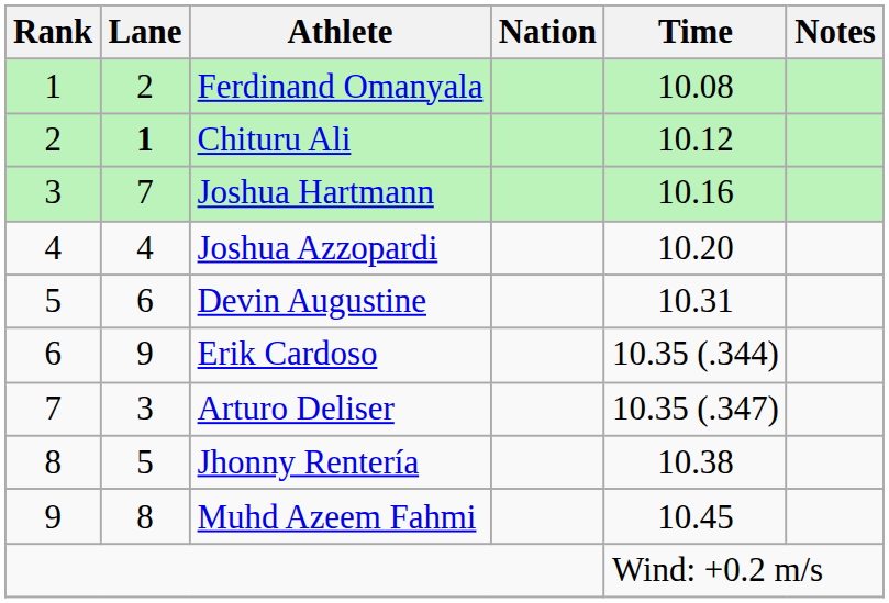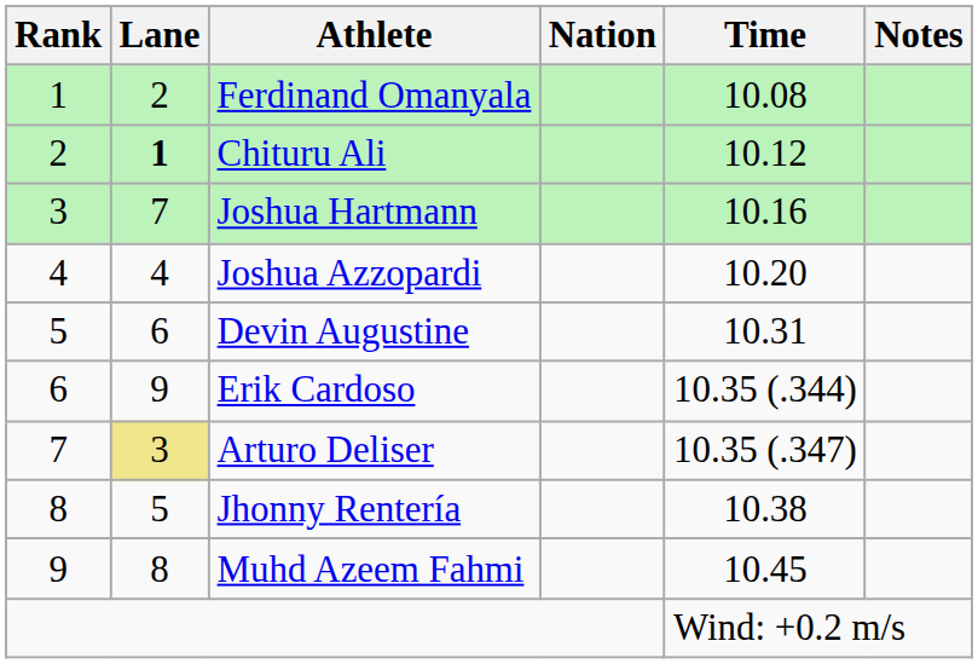 <table class="wikitable sortable" style="text-align:center;">
 <tr>
 <th scope="col">Rank</th>
 <th scope="col">Lane</th>
 <th scope="col">Athlete</th>
 <th scope="col">Nation</th>
 <th scope="col">Time</th>
 <th scope="col">Notes</th>
 </tr>
 <tr bgcolor="#bbf3bb">
 <td>1</td>
 <td>2</td>
 <td align=left><a href='#'>Ferdinand Omanyala</a></td>
 <td align=left></td>
 <td>10.08</td>
 <td></td>
 </tr>
 <tr bgcolor="#bbf3bb">
 <td>2</td>
 <td><strong>1</strong></td>
 <td align=left><a href='#'>Chituru Ali</a></td>
 <td align=left></td>
 <td>10.12</td>
 <td></td>
 </tr>
 <tr bgcolor="#bbf3bb">
 <td>3</td>
 <td>7</td>
 <td align=left><a href='#'>Joshua Hartmann</a></td>
 <td align=left></td>
 <td>10.16</td>
 <td></td>
 </tr>
 <tr>
 <td>4</td>
 <td>4</td>
 <td align=left><a href='#'>Joshua Azzopardi</a></td>
 <td align=left></td>
 <td>10.20</td>
 <td></td>
 </tr>
 <tr>
 <td>5</td>
 <td>6</td>
 <td align=left><a href='#'>Devin Augustine</a></td>
 <td align=left></td>
 <td>10.31</td>
 <td></td>
 </tr>
 <tr>
 <td>6</td>
 <td>9</td>
 <td align=left><a href='#'>Erik Cardoso</a></td>
 <td align=left></td>
 <td>10.35 (.344)</td>
 <td></td>
 </tr>
 <tr>
 <td>7</td>
-<td>3</td>
+<td style="background: khaki;">3</td>
 <td align=left><a href='#'>Arturo Deliser</a></td>
 <td align=left></td>
 <td>10.35 (.347)</td>
 <td></td>
 </tr>
 <tr>
 <td>8</td>
 <td>5</td>
 <td align=left><a href='#'>Jhonny Rentería</a></td>
 <td align=left></td>
 <td>10.38</td>
 <td></td>
 </tr>
 <tr>
 <td>9</td>
 <td>8</td>
 <td align=left><a href='#'>Muhd Azeem Fahmi</a></td>
 <td align=left></td>
 <td>10.45</td>
 <td></td>
 </tr>
 <tr class="sortbottom">
 <td colspan="4"></td>
 <td colspan="2" style="text-align:left;">Wind: +0.2 m/s</td>
 </tr>
 </table>
